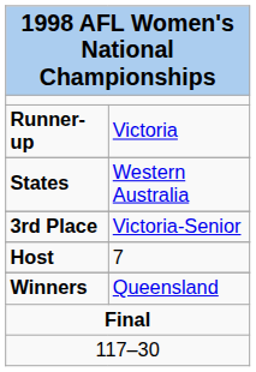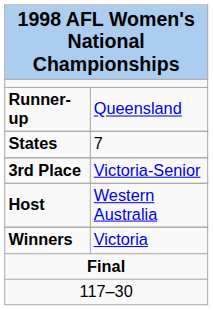 <table class="wikitable" align="right" width="200" style="margin-left:0.3em">
 <tr>
 <th style="background:#ABCDEF" align="center" colspan="2"><big>1998 AFL Women's National Championships</big></th>
 </tr>
 <tr>
 <td colspan="2" style="text-align: center;"></td>
 </tr>
 <tr>
 <td><strong>Runner-up</strong></td>
-<td><a href='#'>Victoria</a></td>
+<td><a href='#'>Queensland</a></td>
 </tr>
 <tr style="text-align:center;">
 </tr>
 <tr>
 <td><strong>States</strong></td>
-<td><a href='#'>Western Australia</a></td>
+<td>7</td>
 </tr>
 <tr style="text-align:center;">
 </tr>
 <tr>
 <td><strong>3rd Place</strong></td>
 <td><a href='#'>Victoria-Senior</a></td>
 </tr>
 <tr style="text-align:center;">
 </tr>
 <tr>
 <td><strong>Host</strong></td>
-<td>7</td>
+<td><a href='#'>Western Australia</a></td>
 </tr>
 <tr style="text-align:center;">
 </tr>
 <tr>
 <td><strong>Winners</strong></td>
-<td><a href='#'>Queensland</a></td>
+<td><a href='#'>Victoria</a></td>
 </tr>
 <tr style="text-align:center;">
 <td colspan="2"><strong>Final</strong></td>
 </tr>
 <tr style="text-align:center;">
 <td colspan="2">117–30</td>
 </tr>
 </table>
